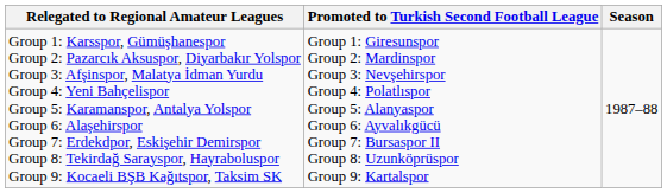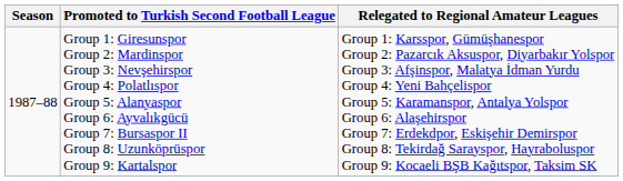 <table class="wikitable">
 <tr>
+<th>Season</th>
+<th>Promoted to <a href='#'>Turkish Second Football League</a></th>
 <th>Relegated to Regional Amateur Leagues</th>
-<th>Promoted to <a href='#'>Turkish Second Football League</a></th>
-<th>Season</th>
 </tr>
 <tr>
+<td>1987–88</td>
+<td>Group 1: <a href='#'>Giresunspor</a><br>Group 2: <a href='#'>Mardinspor</a><br> Group 3: <a href='#'>Nevşehirspor</a><br>Group 4: <a href='#'>Polatlıspor</a><br>Group 5: <a href='#'>Alanyaspor</a><br>Group 6: <a href='#'>Ayvalıkgücü</a><br>Group 7: <a href='#'>Bursaspor II</a><br>Group 8: <a href='#'>Uzunköprüspor</a><br>Group 9: <a href='#'>Kartalspor</a></td>
 <td>Group 1: <a href='#'>Karsspor</a>, <a href='#'>Gümüşhanespor</a><br> Group 2: <a href='#'>Pazarcık Aksuspor</a>, <a href='#'>Diyarbakır Yolspor</a><br>Group 3: <a href='#'>Afşinspor</a>, <a href='#'>Malatya İdman Yurdu</a><br>Group 4: <a href='#'>Yeni Bahçelispor</a><br>Group 5: <a href='#'>Karamanspor</a>, <a href='#'>Antalya Yolspor</a><br>Group 6: <a href='#'>Alaşehirspor</a><br>Group 7: <a href='#'>Erdekdpor</a>, <a href='#'>Eskişehir Demirspor</a><br>Group 8: <a href='#'>Tekirdağ Sarayspor</a>, <a href='#'>Hayraboluspor</a><br>Group 9: <a href='#'>Kocaeli BŞB Kağıtspor</a>, <a href='#'>Taksim SK</a></td>
-<td>Group 1: <a href='#'>Giresunspor</a><br>Group 2: <a href='#'>Mardinspor</a><br> Group 3: <a href='#'>Nevşehirspor</a><br>Group 4: <a href='#'>Polatlıspor</a><br>Group 5: <a href='#'>Alanyaspor</a><br>Group 6: <a href='#'>Ayvalıkgücü</a><br>Group 7: <a href='#'>Bursaspor II</a><br>Group 8: <a href='#'>Uzunköprüspor</a><br>Group 9: <a href='#'>Kartalspor</a></td>
-<td>1987–88</td>
 </tr>
 </table>
